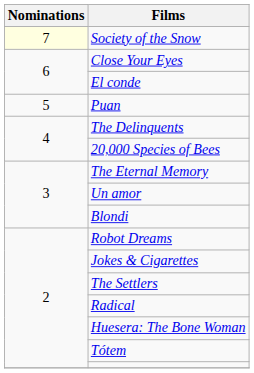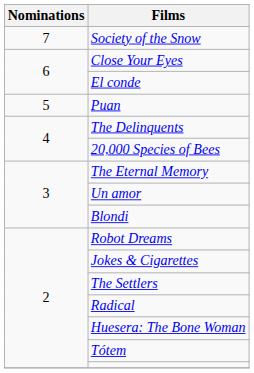 <table class="wikitable">
 <tr>
 <th>Nominations</th>
 <th>Films</th>
 </tr>
 <tr>
-<td style="background: lightyellow; text-align:center">7</td>
+<td style="text-align:center">7</td>
 <td><em><a href='#'>Society of the Snow</a></em></td>
 </tr>
 <tr>
 <td rowspan="2" style="text-align:center">6</td>
 <td><em><a href='#'>Close Your Eyes</a></em></td>
 </tr>
 <tr>
 <td><em><a href='#'>El conde</a></em></td>
 </tr>
 <tr>
 <td style="text-align:center">5</td>
 <td><em><a href='#'>Puan</a></em></td>
 </tr>
 <tr>
 <td rowspan="2" style="text-align:center">4</td>
 <td><em><a href='#'>The Delinquents</a></em></td>
 </tr>
 <tr>
 <td><em><a href='#'>20,000 Species of Bees</a></em></td>
 </tr>
 <tr>
 <td rowspan="3" style="text-align:center">3</td>
 <td><em><a href='#'>The Eternal Memory</a></em></td>
 </tr>
 <tr>
 <td><em><a href='#'>Un amor</a></em></td>
 </tr>
 <tr>
 <td><em><a href='#'>Blondi</a></em></td>
 </tr>
 <tr>
 <td rowspan="7" style="text-align:center">2</td>
 <td><em><a href='#'>Robot Dreams</a></em></td>
 </tr>
 <tr>
 <td><em><a href='#'>Jokes & Cigarettes</a></em></td>
 </tr>
 <tr>
 <td><em><a href='#'>The Settlers</a></em></td>
 </tr>
 <tr>
 <td><em><a href='#'>Radical</a></em></td>
 </tr>
 <tr>
 <td><em><a href='#'>Huesera: The Bone Woman</a></em></td>
 </tr>
 <tr>
 <td><em><a href='#'>Tótem</a></em></td>
 </tr>
 <tr>
 <td><em></em></td>
 </tr>
 <tr>
 </tr>
 </table>
